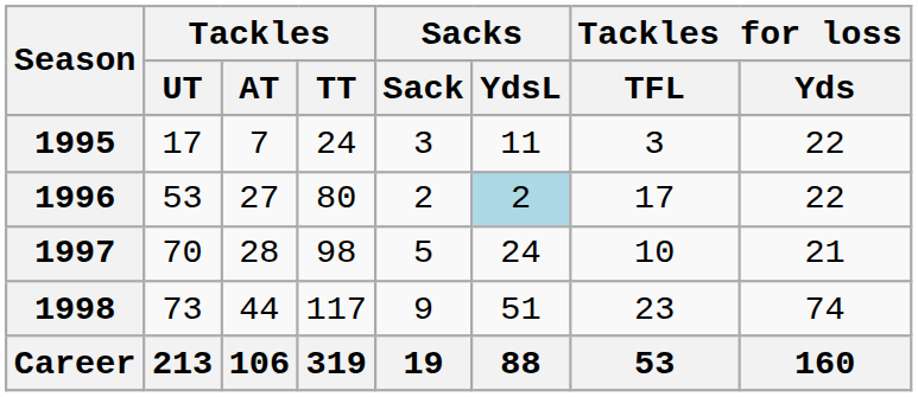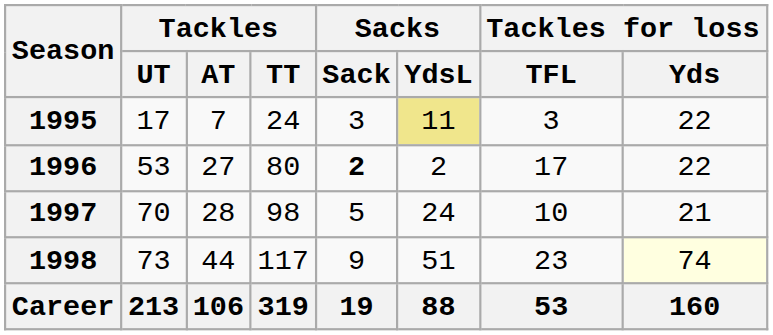 <table class="wikitable" style="text-align: center;">
 <tr>
 <th rowspan="2">Season</th>
 <th colspan="3">Tackles</th>
 <th colspan="2">Sacks</th>
 <th colspan="2">Tackles for loss</th>
 </tr>
 <tr>
 <th>UT</th>
 <th>AT</th>
 <th>TT</th>
 <th>Sack</th>
 <th>YdsL</th>
 <th>TFL</th>
 <th>Yds</th>
 </tr>
 <tr>
 <th>1995</th>
 <td>17</td>
 <td>7</td>
 <td>24</td>
 <td>3</td>
-<td>11</td>
+<td style="background: khaki;">11</td>
 <td>3</td>
 <td>22</td>
 </tr>
 <tr>
 <th>1996</th>
 <td>53</td>
 <td>27</td>
 <td>80</td>
+<td><strong>2</strong></td>
 <td>2</td>
-<td style="background: lightblue;">2</td>
 <td>17</td>
 <td>22</td>
 </tr>
 <tr>
 <th>1997</th>
 <td>70</td>
 <td>28</td>
 <td>98</td>
 <td>5</td>
 <td>24</td>
 <td>10</td>
 <td>21</td>
 </tr>
 <tr>
 <th>1998</th>
 <td>73</td>
 <td>44</td>
 <td>117</td>
 <td>9</td>
 <td>51</td>
 <td>23</td>
-<td>74</td>
+<td style="background: lightyellow;">74</td>
 </tr>
 <tr>
 <th><strong>Career</strong></th>
 <th><strong>213</strong></th>
 <th><strong>106</strong></th>
 <th><strong>319</strong></th>
 <th><strong>19</strong></th>
 <th><strong>88</strong></th>
 <th><strong>53</strong></th>
 <th><strong>160</strong></th>
 </tr>
 </table>
